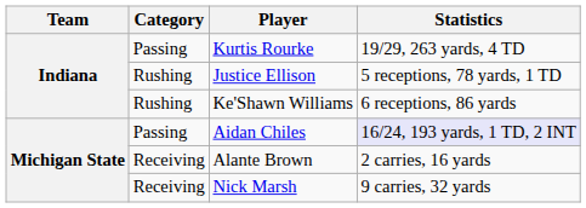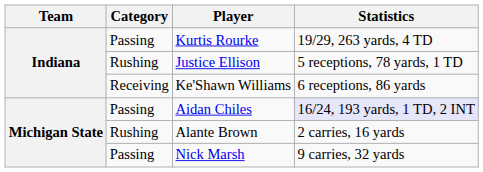 <table class="wikitable" style="float:right">
 <tr>
 <th>Team</th>
 <th>Category</th>
 <th>Player</th>
 <th>Statistics</th>
 </tr>
 <tr>
 <th rowspan=3>Indiana</th>
 <td>Passing</td>
 <td><a href='#'>Kurtis Rourke</a></td>
 <td>19/29, 263 yards, 4 TD</td>
 </tr>
 <tr>
 <td>Rushing</td>
 <td><a href='#'>Justice Ellison</a></td>
 <td>5 receptions, 78 yards, 1 TD</td>
 </tr>
 <tr>
-<td>Rushing</td>
+<td>Receiving</td>
 <td>Ke'Shawn Williams</td>
 <td>6 receptions, 86 yards</td>
 </tr>
 <tr>
 <th rowspan=3>Michigan State</th>
 <td>Passing</td>
 <td><a href='#'>Aidan Chiles</a></td>
 <td style="background: lavender;">16/24, 193 yards, 1 TD, 2 INT</td>
 </tr>
 <tr>
-<td>Receiving</td>
+<td>Rushing</td>
 <td>Alante Brown</td>
 <td>2 carries, 16 yards</td>
 </tr>
 <tr>
-<td>Receiving</td>
+<td>Passing</td>
 <td><a href='#'>Nick Marsh</a></td>
 <td>9 carries, 32 yards</td>
 </tr>
 </table>
